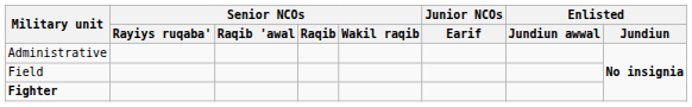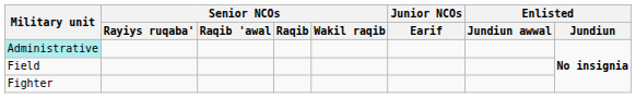 <table class="wikitable">
 <tr>
 <th rowspan="2">Military unit</th>
 <th colspan="4">Senior NCOs</th>
 <th>Junior NCOs</th>
 <th colspan="2">Enlisted</th>
 </tr>
 <tr>
 <th>Rayiys ruqaba'</th>
 <th>Raqib 'awal</th>
 <th>Raqib</th>
 <th>Wakil raqib</th>
 <th>Earif</th>
 <th>Jundiun awwal</th>
 <th>Jundiun</th>
 </tr>
 <tr>
-<td>Administrative</td>
+<td style="background: paleturquoise;">Administrative</td>
 <td></td>
 <td></td>
 <td></td>
 <td></td>
 <td></td>
 <td></td>
 <td rowspan="3"><strong>No insignia</strong></td>
 </tr>
 <tr>
 <td>Field</td>
 <td></td>
 <td></td>
 <td></td>
 <td></td>
 <td></td>
 <td></td>
 </tr>
 <tr>
-<td><strong>Fighter</strong></td>
+<td>Fighter</td>
 <td></td>
 <td></td>
 <td></td>
 <td></td>
 <td></td>
 <td></td>
 </tr>
 </table>
